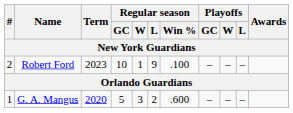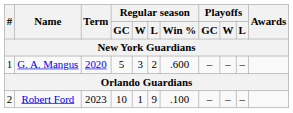 <table class="wikitable" style="text-align:center">
 <tr>
 <th rowspan="2">#</th>
 <th rowspan="2">Name</th>
 <th rowspan="2">Term</th>
 <th colspan="4">Regular season</th>
 <th colspan="3">Playoffs</th>
 <th rowspan="2">Awards</th>
 </tr>
 <tr>
 <th>GC</th>
 <th>W</th>
 <th>L</th>
 <th>Win %</th>
 <th>GC</th>
 <th>W</th>
 <th>L</th>
 </tr>
 <tr>
 <th colspan="11">New York Guardians</th>
 </tr>
 <tr>
+<td>1</td>
+<td><a href='#'>G. A. Mangus</a></td>
+<td><a href='#'>2020</a></td>
+<td>5</td>
+<td>3</td>
+<td>2</td>
+<td>.600</td>
+<td>–</td>
+<td>–</td>
+<td>–</td>
+<td></td>
+</tr>
+<tr>
+<th colspan="11">Orlando Guardians</th>
+</tr>
+<tr>
 <td>2</td>
 <td><a href='#'>Robert Ford</a></td>
 <td>2023</td>
 <td>10</td>
 <td>1</td>
 <td>9</td>
 <td>.100</td>
 <td>–</td>
 <td>–</td>
 <td>–</td>
 <td></td>
 </tr>
-<tr>
-<th colspan="11">Orlando Guardians</th>
-</tr>
-<tr>
-<td>1</td>
-<td><a href='#'>G. A. Mangus</a></td>
-<td><a href='#'>2020</a></td>
-<td>5</td>
-<td>3</td>
-<td>2</td>
-<td>.600</td>
-<td>–</td>
-<td>–</td>
-<td>–</td>
-<td></td>
-</tr>
 </table>
